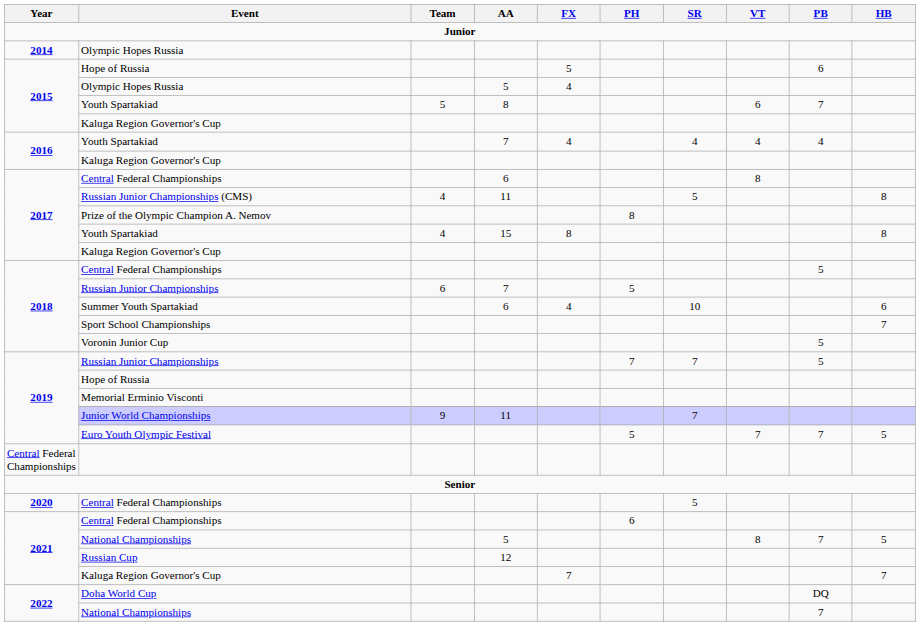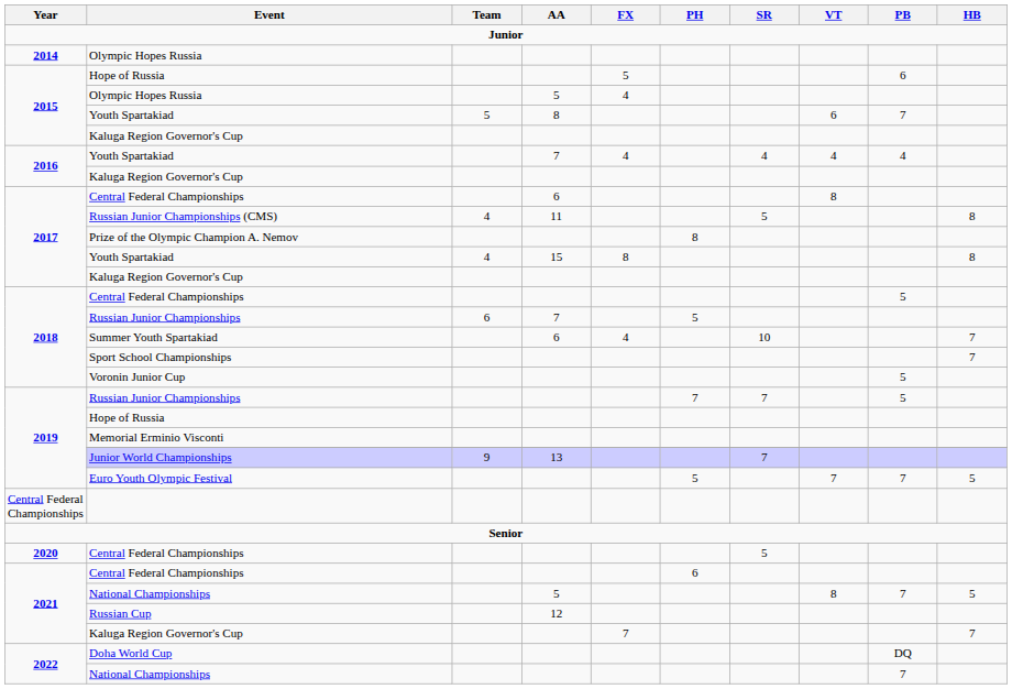 <table class="wikitable sortable" style="text-align:center; font-size:95%;">
 <tr>
 <th width=7% class=unsortable>Year</th>
 <th width=37% class=unsortable>Event</th>
 <th width=7% class=unsortable>Team</th>
 <th width=7% class=unsortable>AA</th>
 <th width=7% class=unsortable><a href='#'>FX</a></th>
 <th width=7% class=unsortable><a href='#'>PH</a></th>
 <th width=7% class=unsortable><a href='#'>SR</a></th>
 <th width=7% class=unsortable><a href='#'>VT</a></th>
 <th width=7% class=unsortable><a href='#'>PB</a></th>
 <th width=7% class=unsortable><a href='#'>HB</a></th>
 </tr>
 <tr>
 <td colspan="10"><strong>Junior</strong></td>
 </tr>
 <tr>
 <td rowspan="1“"><strong><a href='#'>2014</a></strong></td>
 <td align=left>Olympic Hopes Russia</td>
 <td></td>
 <td></td>
 <td></td>
 <td></td>
 <td></td>
 <td></td>
 <td></td>
 <td></td>
 </tr>
 <tr>
 <td rowspan="4“"><strong><a href='#'>2015</a></strong></td>
 <td align=left>Hope of Russia</td>
 <td></td>
 <td></td>
 <td>5</td>
 <td></td>
 <td></td>
 <td></td>
 <td>6</td>
 <td></td>
 </tr>
 <tr>
 <td align=left>Olympic Hopes Russia</td>
 <td></td>
 <td>5</td>
 <td>4</td>
 <td></td>
 <td></td>
 <td></td>
 <td></td>
 <td></td>
 </tr>
 <tr>
 <td align=left>Youth Spartakiad</td>
 <td>5</td>
 <td>8</td>
 <td></td>
 <td></td>
 <td></td>
 <td>6</td>
 <td>7</td>
 <td></td>
 </tr>
 <tr>
 <td align=left>Kaluga Region Governor's Cup</td>
 <td></td>
 <td></td>
 <td></td>
 <td></td>
 <td></td>
 <td></td>
 <td></td>
 <td></td>
 </tr>
 <tr>
 <td rowspan="2“"><strong><a href='#'>2016</a></strong></td>
 <td align=left>Youth Spartakiad</td>
 <td></td>
 <td>7</td>
 <td>4</td>
 <td></td>
 <td>4</td>
 <td>4</td>
 <td>4</td>
 <td></td>
 </tr>
 <tr>
 <td align=left>Kaluga Region Governor's Cup</td>
 <td></td>
 <td></td>
 <td></td>
 <td></td>
 <td></td>
 <td></td>
 <td></td>
 <td></td>
 </tr>
 <tr>
 <td rowspan="5“"><strong><a href='#'>2017</a></strong></td>
 <td align=left><a href='#'>Central</a> Federal Championships</td>
 <td></td>
 <td>6</td>
 <td></td>
 <td></td>
 <td></td>
 <td>8</td>
 <td></td>
 <td></td>
 </tr>
 <tr>
 <td align=left><a href='#'>Russian Junior Championships</a> (CMS)</td>
 <td>4</td>
 <td>11</td>
 <td></td>
 <td></td>
 <td>5</td>
 <td></td>
 <td></td>
 <td>8</td>
 </tr>
 <tr>
 <td align=left>Prize of the Olympic Champion A. Nemov</td>
 <td></td>
 <td></td>
 <td></td>
 <td>8</td>
 <td></td>
 <td></td>
 <td></td>
 <td></td>
 </tr>
 <tr>
 <td align=left>Youth Spartakiad</td>
 <td>4</td>
 <td>15</td>
 <td>8</td>
 <td></td>
 <td></td>
 <td></td>
 <td></td>
 <td>8</td>
 </tr>
 <tr>
 <td align=left>Kaluga Region Governor's Cup</td>
 <td></td>
 <td></td>
 <td></td>
 <td></td>
 <td></td>
 <td></td>
 <td></td>
 <td></td>
 </tr>
 <tr>
 <td rowspan="5"><strong><a href='#'>2018</a></strong></td>
 <td align=left><a href='#'>Central</a> Federal Championships</td>
 <td></td>
 <td></td>
 <td></td>
 <td></td>
 <td></td>
 <td></td>
 <td>5</td>
 <td></td>
 </tr>
 <tr>
 <td align=left><a href='#'>Russian Junior Championships</a></td>
 <td>6</td>
 <td>7</td>
 <td></td>
 <td>5</td>
 <td></td>
 <td></td>
 <td></td>
 <td></td>
 </tr>
 <tr>
 <td align=left>Summer Youth Spartakiad</td>
 <td></td>
 <td>6</td>
 <td>4</td>
 <td></td>
 <td>10</td>
 <td></td>
 <td></td>
-<td>6</td>
+<td>7</td>
 </tr>
 <tr>
 <td align=left>Sport School Championships</td>
 <td></td>
 <td></td>
 <td></td>
 <td></td>
 <td></td>
 <td></td>
 <td></td>
 <td>7</td>
 </tr>
 <tr>
 <td align=left>Voronin Junior Cup</td>
 <td></td>
 <td></td>
 <td></td>
 <td></td>
 <td></td>
 <td></td>
 <td>5</td>
 <td></td>
 </tr>
 <tr>
 <td rowspan="6"><strong><a href='#'>2019</a></strong></td>
 <td align=left><a href='#'>Russian Junior Championships</a></td>
 <td></td>
 <td></td>
 <td></td>
 <td>7</td>
 <td>7</td>
 <td></td>
 <td>5</td>
 <td></td>
 </tr>
 <tr>
 <td align=left>Hope of Russia</td>
 <td></td>
 <td></td>
 <td></td>
 <td></td>
 <td></td>
 <td></td>
 <td></td>
 <td></td>
 </tr>
 <tr>
 <td align=left>Memorial Erminio Visconti</td>
 <td></td>
 <td></td>
 <td></td>
 <td></td>
 <td></td>
 <td></td>
 <td></td>
 <td></td>
 </tr>
 <tr>
 </tr>
 <tr bgcolor=#CCCCFF>
 <td align=left><a href='#'>Junior World Championships</a></td>
 <td>9</td>
-<td>11</td>
+<td>13</td>
 <td></td>
 <td></td>
 <td>7</td>
 <td></td>
 <td></td>
 <td></td>
 </tr>
 <tr>
 <td align=left><a href='#'>Euro Youth Olympic Festival</a></td>
 <td></td>
 <td></td>
 <td></td>
 <td>5</td>
 <td></td>
 <td>7</td>
 <td>7</td>
 <td>5</td>
 </tr>
 <tr>
 <td align=left><a href='#'>Central</a> Federal Championships</td>
 <td></td>
 <td></td>
 <td></td>
 <td></td>
 <td></td>
 <td></td>
 <td></td>
 <td></td>
 </tr>
 <tr>
 <td colspan= "10"><strong>Senior</strong></td>
 </tr>
 <tr>
 <td rowspan="1"><strong><a href='#'>2020</a></strong></td>
 <td align=left><a href='#'>Central</a> Federal Championships</td>
 <td></td>
 <td></td>
 <td></td>
 <td></td>
 <td>5</td>
 <td></td>
 <td></td>
 <td></td>
 </tr>
 <tr>
 <td rowspan="4"><strong><a href='#'>2021</a></strong></td>
 <td align=left><a href='#'>Central</a> Federal Championships</td>
 <td></td>
 <td></td>
 <td></td>
 <td>6</td>
 <td></td>
 <td></td>
 <td></td>
 <td></td>
 </tr>
 <tr>
 <td align=left><a href='#'>National Championships</a></td>
 <td></td>
 <td>5</td>
 <td></td>
 <td></td>
 <td></td>
 <td>8</td>
 <td>7</td>
 <td>5</td>
 </tr>
 <tr>
 <td align=left><a href='#'>Russian Cup</a></td>
 <td></td>
 <td>12</td>
 <td></td>
 <td></td>
 <td></td>
 <td></td>
 <td></td>
 <td></td>
 </tr>
 <tr>
 <td align=left>Kaluga Region Governor's Cup</td>
 <td></td>
 <td></td>
 <td>7</td>
 <td></td>
 <td></td>
 <td></td>
 <td></td>
 <td>7</td>
 </tr>
 <tr>
 <td rowspan="2"><strong><a href='#'>2022</a></strong></td>
 <td align=left><a href='#'>Doha World Cup</a></td>
 <td></td>
 <td></td>
 <td></td>
 <td></td>
 <td></td>
 <td></td>
 <td>DQ</td>
 <td></td>
 </tr>
 <tr>
 <td align=left><a href='#'>National Championships</a></td>
 <td></td>
 <td></td>
 <td></td>
 <td></td>
 <td></td>
 <td></td>
 <td>7</td>
 <td></td>
 </tr>
 </table>
